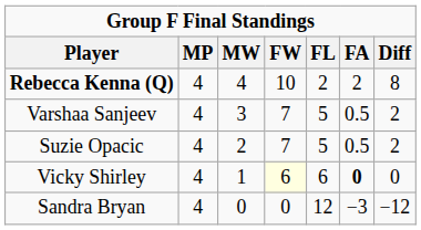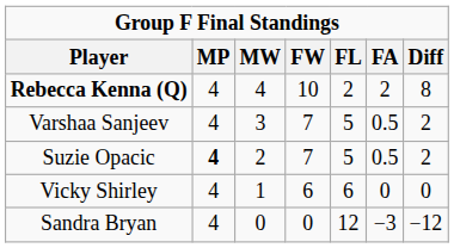 <table class="wikitable" style="text-align: center; display: inline-table;">
 <tr>
 <td colspan="7"><strong>Group F Final Standings</strong></td>
 </tr>
 <tr>
 <th>Player</th>
 <th>MP</th>
 <th>MW</th>
 <th>FW</th>
 <th>FL</th>
 <th>FA</th>
 <th>Diff</th>
 </tr>
 <tr>
 <td> <strong>Rebecca Kenna (Q)</strong></td>
 <td>4</td>
 <td>4</td>
 <td>10</td>
 <td>2</td>
 <td>2</td>
 <td>8</td>
 </tr>
 <tr>
 <td> Varshaa Sanjeev</td>
 <td>4</td>
 <td>3</td>
 <td>7</td>
 <td>5</td>
 <td>0.5</td>
 <td>2</td>
 </tr>
 <tr>
 <td> Suzie Opacic</td>
-<td>4</td>
+<td><strong>4</strong></td>
 <td>2</td>
 <td>7</td>
 <td>5</td>
 <td>0.5</td>
 <td>2</td>
 </tr>
 <tr>
 <td> Vicky Shirley</td>
 <td>4</td>
 <td>1</td>
-<td style="background: lightyellow;">6</td>
 <td>6</td>
-<td><strong>0</strong></td>
+<td>6</td>
+<td>0</td>
 <td>0</td>
 </tr>
 <tr>
 <td> Sandra Bryan</td>
 <td>4</td>
 <td>0</td>
 <td>0</td>
 <td>12</td>
 <td>−3</td>
 <td>−12</td>
 </tr>
 </table>
